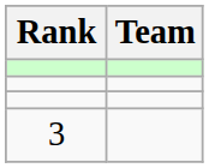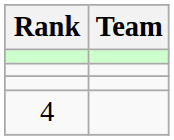 <table class=wikitable style="text-align:center;">
 <tr>
 <th width=40>Rank</th>
 <th>Team</th>
 </tr>
 <tr bgcolor=#ccffcc>
 <td></td>
 <td align=left></td>
 </tr>
 <tr>
 <td></td>
 <td align=left></td>
 </tr>
 <tr>
 <td></td>
 <td align=left></td>
 </tr>
 <tr>
-<td>3</td>
+<td>4</td>
 <td align=left></td>
 </tr>
 </table>
